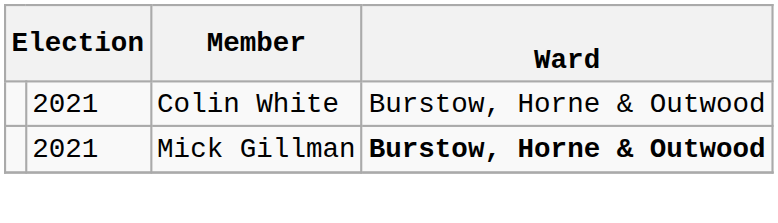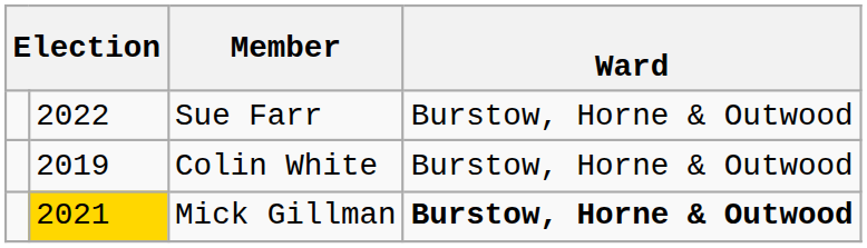 <table class="wikitable">
 <tr>
 <th colspan="2">Election</th>
 <th>Member</th>
 <th><br>Ward</th>
 </tr>
 <tr>
 <td style="background-color: "></td>
-<td>2021</td>
+<td>2022</td>
+<td>Sue Farr</td>
+<td>Burstow, Horne & Outwood</td>
+</tr>
+<tr>
+<td style="background-color: "></td>
+<td>2019</td>
 <td>Colin White</td>
 <td>Burstow, Horne & Outwood</td>
 </tr>
 <tr>
 <td style="background-color: "></td>
-<td>2021</td>
+<td style="background: gold;">2021</td>
 <td>Mick Gillman</td>
 <td><strong>Burstow, Horne & Outwood</strong></td>
 </tr>
 <tr>
 </tr>
 </table>
